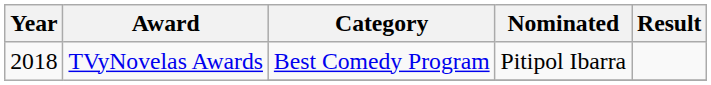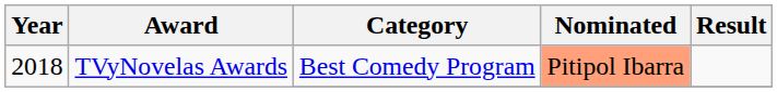 <table class="wikitable plainrowheaders">
 <tr>
 <th scope="col">Year</th>
 <th scope="col">Award</th>
 <th scope="col">Category</th>
 <th scope="col">Nominated</th>
 <th scope="col">Result</th>
 </tr>
 <tr>
 <td rowspan="2">2018</td>
 <td rowspan="2"><a href='#'>TVyNovelas Awards</a></td>
 <td><a href='#'>Best Comedy Program</a></td>
-<td>Pitipol Ibarra</td>
+<td style="background: lightsalmon;">Pitipol Ibarra</td>
 <td></td>
 </tr>
 <tr>
 </tr>
 </table>
